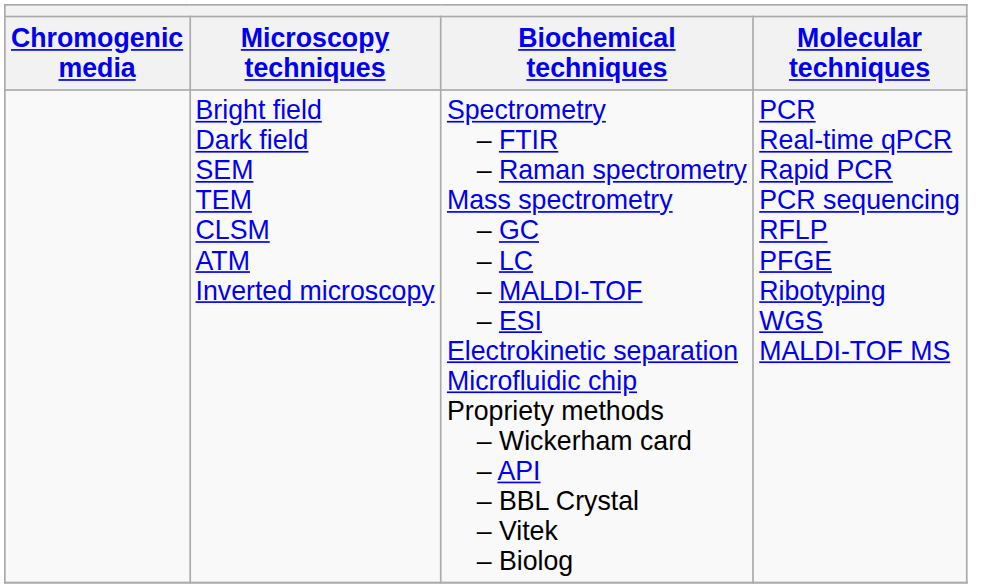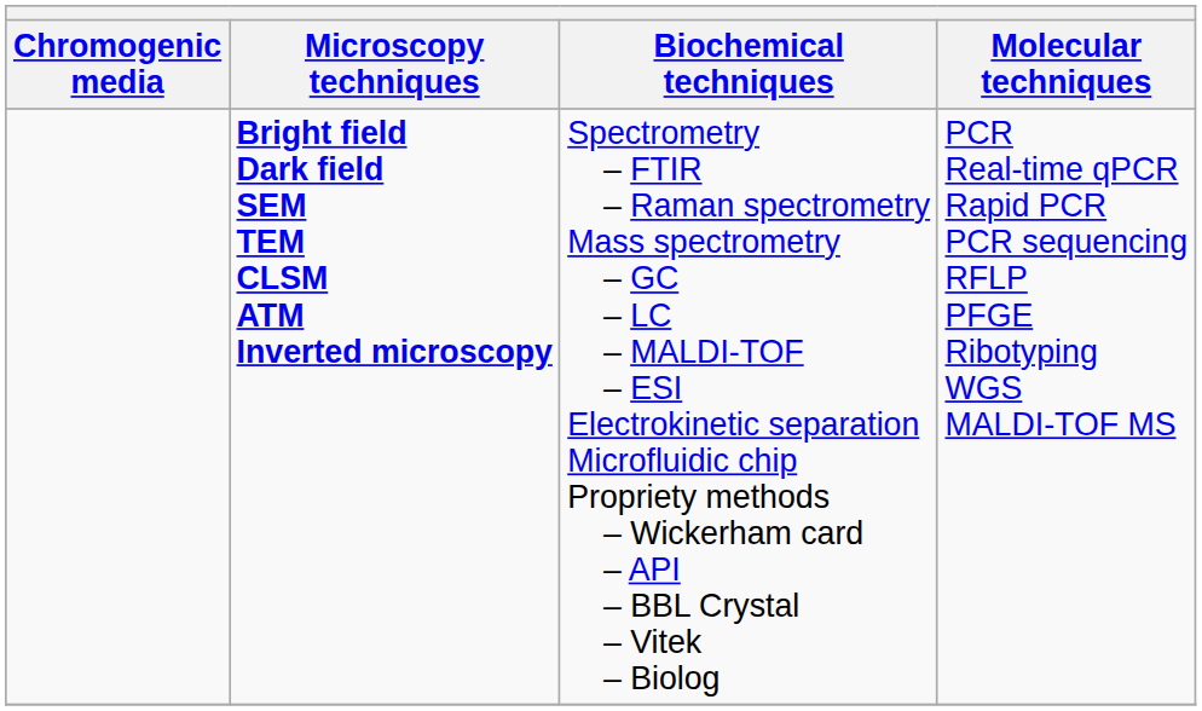 <table class="wikitable">
 <tr>
 <th colspan=4></th>
 </tr>
 <tr>
 <th><a href='#'>Chromogenic<br>media</a> </th>
 <th><a href='#'>Microscopy<br>techniques</a> </th>
 <th><a href='#'>Biochemical<br>techniques</a> </th>
 <th><a href='#'>Molecular<br>techniques</a> </th>
 </tr>
 <tr>
 <td valign=top></td>
-<td valign=top><a href='#'>Bright field</a><br><a href='#'>Dark field</a><br><a href='#'>SEM</a><br><a href='#'>TEM</a><br><a href='#'>CLSM</a><br><a href='#'>ATM</a><br><a href='#'>Inverted microscopy</a></td>
+<td valign=top><strong><a href='#'>Bright field</a><br><a href='#'>Dark field</a><br><a href='#'>SEM</a><br><a href='#'>TEM</a><br><a href='#'>CLSM</a><br><a href='#'>ATM</a><br><a href='#'>Inverted microscopy</a></strong></td>
 <td valign=top><a href='#'>Spectrometry</a><br>    – <a href='#'>FTIR</a><br>    – <a href='#'>Raman spectrometry</a><br><a href='#'>Mass spectrometry</a><br>    – <a href='#'>GC</a><br>    – <a href='#'>LC</a><br>    – <a href='#'>MALDI-TOF</a><br>    – <a href='#'>ESI</a><br><a href='#'>Electrokinetic separation</a><br><a href='#'>Microfluidic chip</a><br>Propriety methods<br>    – Wickerham card<br>    – <a href='#'>API</a><br>    – BBL Crystal<br>    – Vitek<br>    – Biolog</td>
 <td valign=top><a href='#'>PCR</a><br><a href='#'>Real-time qPCR</a><br><a href='#'>Rapid PCR</a><br><a href='#'>PCR sequencing</a><br><a href='#'>RFLP</a><br><a href='#'>PFGE</a><br><a href='#'>Ribotyping</a><br><a href='#'>WGS</a><br><a href='#'>MALDI-TOF MS</a></td>
 </tr>
 <tr>
 </tr>
 </table>
